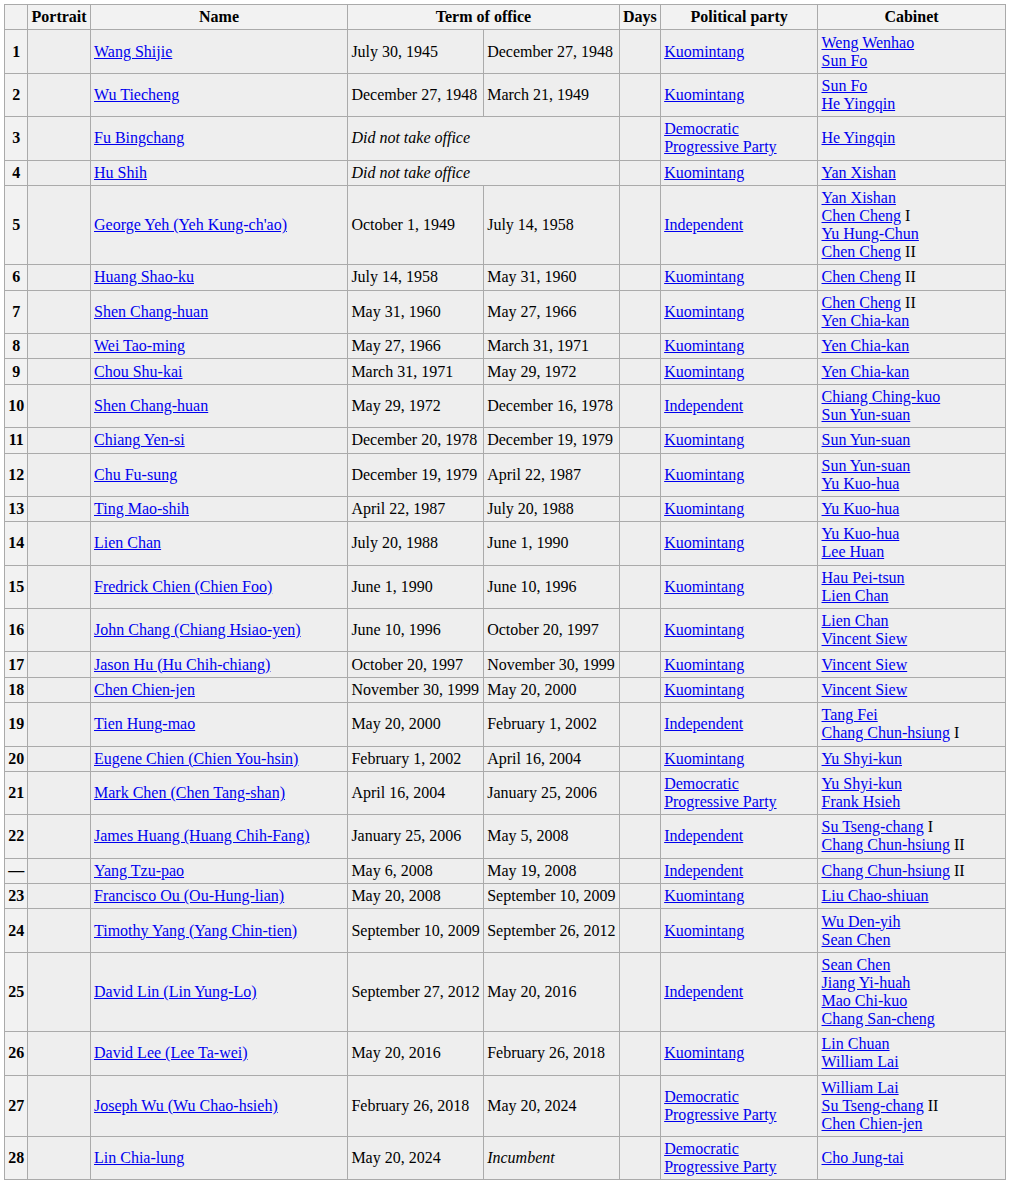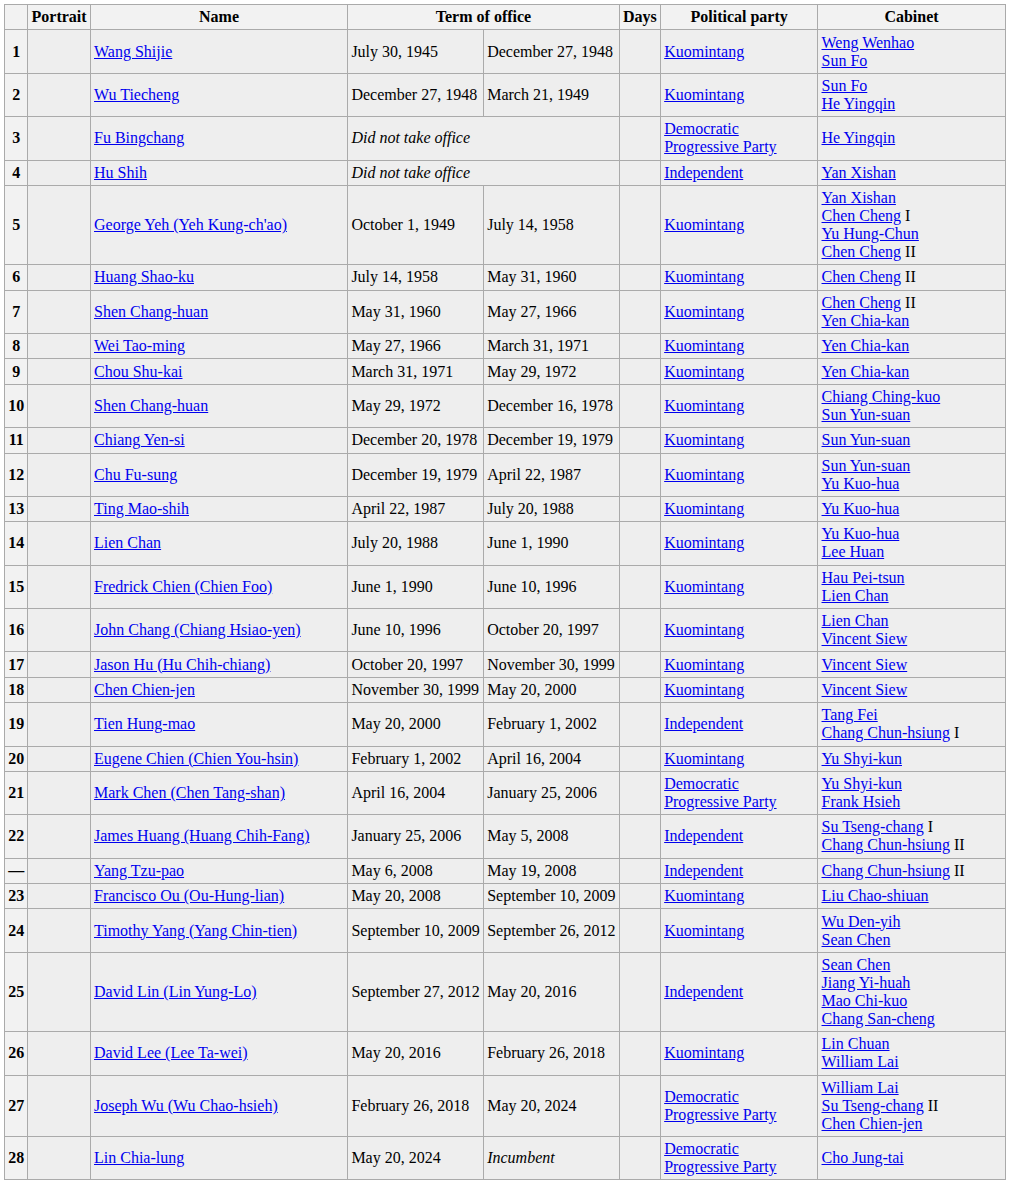 <table class="wikitable">
 <tr ->
 <th></th>
 <th>Portrait</th>
 <th width="250">Name</th>
 <th colspan=2 width="220">Term of office</th>
 <th>Days</th>
 <th width="150">Political party</th>
 <th width="180">Cabinet</th>
 </tr>
 <tr ->
 </tr>
 <tr - bgcolor=#EEEEEE>
 <th style="background:">1</th>
 <td></td>
 <td><a href='#'>Wang Shijie</a></td>
 <td>July 30, 1945</td>
 <td>December 27, 1948</td>
 <td></td>
 <td><a href='#'>Kuomintang</a></td>
 <td><a href='#'>Weng Wenhao</a><br><a href='#'>Sun Fo</a></td>
 </tr>
 <tr ->
 </tr>
 <tr - bgcolor=#EEEEEE>
 <th style="background:">2</th>
 <td></td>
 <td><a href='#'>Wu Tiecheng</a></td>
 <td>December 27, 1948</td>
 <td>March 21, 1949</td>
 <td></td>
 <td><a href='#'>Kuomintang</a></td>
 <td><a href='#'>Sun Fo</a><br><a href='#'>He Yingqin</a></td>
 </tr>
 <tr ->
 </tr>
 <tr - bgcolor=#EEEEEE>
 <th style="background:">3</th>
 <td></td>
 <td><a href='#'>Fu Bingchang</a></td>
 <td colspan=2><em>Did not take office</em></td>
 <td></td>
 <td><a href='#'>Democratic Progressive Party</a></td>
 <td><a href='#'>He Yingqin</a></td>
 </tr>
 <tr ->
 </tr>
 <tr - bgcolor=#EEEEEE>
 <th style="background:">4</th>
 <td></td>
 <td><a href='#'>Hu Shih</a></td>
 <td colspan=2><em>Did not take office</em></td>
 <td></td>
-<td><a href='#'>Kuomintang</a></td>
+<td><a href='#'>Independent</a></td>
 <td><a href='#'>Yan Xishan</a></td>
 </tr>
 <tr ->
 </tr>
 <tr - bgcolor=#EEEEEE>
 <th style="background:">5</th>
 <td></td>
 <td><a href='#'>George Yeh (Yeh Kung-ch'ao)</a></td>
 <td>October 1, 1949</td>
 <td>July 14, 1958</td>
 <td></td>
-<td><a href='#'>Independent</a></td>
+<td><a href='#'>Kuomintang</a></td>
 <td><a href='#'>Yan Xishan</a><br><a href='#'>Chen Cheng</a> I<br><a href='#'>Yu Hung-Chun</a><br><a href='#'>Chen Cheng</a> II</td>
 </tr>
 <tr ->
 </tr>
 <tr - bgcolor=#EEEEEE>
 <th style="background:">6</th>
 <td></td>
 <td><a href='#'>Huang Shao-ku</a></td>
 <td>July 14, 1958</td>
 <td>May 31, 1960</td>
 <td></td>
 <td><a href='#'>Kuomintang</a></td>
 <td><a href='#'>Chen Cheng</a> II</td>
 </tr>
 <tr ->
 </tr>
 <tr - bgcolor=#EEEEEE>
 <th style="background:">7</th>
 <td></td>
 <td><a href='#'>Shen Chang-huan</a></td>
 <td>May 31, 1960</td>
 <td>May 27, 1966</td>
 <td></td>
 <td><a href='#'>Kuomintang</a></td>
 <td><a href='#'>Chen Cheng</a> II<br><a href='#'>Yen Chia-kan</a></td>
 </tr>
 <tr ->
 </tr>
 <tr - bgcolor=#EEEEEE>
 <th style="background:">8</th>
 <td></td>
 <td><a href='#'>Wei Tao-ming</a></td>
 <td>May 27, 1966</td>
 <td>March 31, 1971</td>
 <td></td>
 <td><a href='#'>Kuomintang</a></td>
 <td><a href='#'>Yen Chia-kan</a></td>
 </tr>
 <tr ->
 </tr>
 <tr - bgcolor=#EEEEEE>
 <th style="background:">9</th>
 <td></td>
 <td><a href='#'>Chou Shu-kai</a></td>
 <td>March 31, 1971</td>
 <td>May 29, 1972</td>
 <td></td>
 <td><a href='#'>Kuomintang</a></td>
 <td><a href='#'>Yen Chia-kan</a></td>
 </tr>
 <tr ->
 </tr>
 <tr - bgcolor=#EEEEEE>
 <th style="background:">10</th>
 <td></td>
 <td><a href='#'>Shen Chang-huan</a></td>
 <td>May 29, 1972</td>
 <td>December 16, 1978</td>
 <td></td>
-<td><a href='#'>Independent</a></td>
+<td><a href='#'>Kuomintang</a></td>
 <td><a href='#'>Chiang Ching-kuo</a><br><a href='#'>Sun Yun-suan</a></td>
 </tr>
 <tr ->
 </tr>
 <tr - bgcolor=#EEEEEE>
 <th style="background:">11</th>
 <td></td>
 <td><a href='#'>Chiang Yen-si</a></td>
 <td>December 20, 1978</td>
 <td>December 19, 1979</td>
 <td></td>
 <td><a href='#'>Kuomintang</a></td>
 <td><a href='#'>Sun Yun-suan</a></td>
 </tr>
 <tr ->
 </tr>
 <tr - bgcolor=#EEEEEE>
 <th style="background:">12</th>
 <td></td>
 <td><a href='#'>Chu Fu-sung</a></td>
 <td>December 19, 1979</td>
 <td>April 22, 1987</td>
 <td></td>
 <td><a href='#'>Kuomintang</a></td>
 <td><a href='#'>Sun Yun-suan</a><br><a href='#'>Yu Kuo-hua</a></td>
 </tr>
 <tr ->
 </tr>
 <tr - bgcolor=#EEEEEE>
 <th style="background:">13</th>
 <td></td>
 <td><a href='#'>Ting Mao-shih</a></td>
 <td>April 22, 1987</td>
 <td>July 20, 1988</td>
 <td></td>
 <td><a href='#'>Kuomintang</a></td>
 <td><a href='#'>Yu Kuo-hua</a></td>
 </tr>
 <tr ->
 </tr>
 <tr - bgcolor=#EEEEEE>
 <th style="background:">14</th>
 <td></td>
 <td><a href='#'>Lien Chan</a></td>
 <td>July 20, 1988</td>
 <td>June 1, 1990</td>
 <td></td>
 <td><a href='#'>Kuomintang</a></td>
 <td><a href='#'>Yu Kuo-hua</a><br><a href='#'>Lee Huan</a></td>
 </tr>
 <tr ->
 </tr>
 <tr - bgcolor=#EEEEEE>
 <th style="background:">15</th>
 <td></td>
 <td><a href='#'>Fredrick Chien (Chien Foo)</a></td>
 <td>June 1, 1990</td>
 <td>June 10, 1996</td>
 <td></td>
 <td><a href='#'>Kuomintang</a></td>
 <td><a href='#'>Hau Pei-tsun</a><br><a href='#'>Lien Chan</a></td>
 </tr>
 <tr ->
 </tr>
 <tr - bgcolor=#EEEEEE>
 <th style="background:">16</th>
 <td></td>
 <td><a href='#'>John Chang (Chiang Hsiao-yen)</a></td>
 <td>June 10, 1996</td>
 <td>October 20, 1997</td>
 <td></td>
 <td><a href='#'>Kuomintang</a></td>
 <td><a href='#'>Lien Chan</a><br><a href='#'>Vincent Siew</a></td>
 </tr>
 <tr ->
 </tr>
 <tr - bgcolor=#EEEEEE>
 <th style="background:">17</th>
 <td></td>
 <td><a href='#'>Jason Hu (Hu Chih-chiang)</a></td>
 <td>October 20, 1997</td>
 <td>November 30, 1999</td>
 <td></td>
 <td><a href='#'>Kuomintang</a></td>
 <td><a href='#'>Vincent Siew</a></td>
 </tr>
 <tr ->
 </tr>
 <tr - bgcolor=#EEEEEE>
 <th style="background:">18</th>
 <td></td>
 <td><a href='#'>Chen Chien-jen</a></td>
 <td>November 30, 1999</td>
 <td>May 20, 2000</td>
 <td></td>
 <td><a href='#'>Kuomintang</a></td>
 <td><a href='#'>Vincent Siew</a></td>
 </tr>
 <tr ->
 </tr>
 <tr - bgcolor=#EEEEEE>
 <th style="background:">19</th>
 <td></td>
 <td><a href='#'>Tien Hung-mao</a></td>
 <td>May 20, 2000</td>
 <td>February 1, 2002</td>
 <td></td>
 <td><a href='#'>Independent</a></td>
 <td><a href='#'>Tang Fei</a><br><a href='#'>Chang Chun-hsiung</a> I</td>
 </tr>
 <tr ->
 </tr>
 <tr - bgcolor=#EEEEEE>
 <th style="background:">20</th>
 <td></td>
 <td><a href='#'>Eugene Chien (Chien You-hsin)</a></td>
 <td>February 1, 2002</td>
 <td>April 16, 2004</td>
 <td></td>
 <td><a href='#'>Kuomintang</a></td>
 <td><a href='#'>Yu Shyi-kun</a></td>
 </tr>
 <tr ->
 </tr>
 <tr - bgcolor=#EEEEEE>
 <th style="background:">21</th>
 <td></td>
 <td><a href='#'>Mark Chen (Chen Tang-shan)</a></td>
 <td>April 16, 2004</td>
 <td>January 25, 2006</td>
 <td></td>
 <td><a href='#'>Democratic Progressive Party</a></td>
 <td><a href='#'>Yu Shyi-kun</a><br><a href='#'>Frank Hsieh</a></td>
 </tr>
 <tr ->
 </tr>
 <tr - bgcolor=#EEEEEE>
 <th style="background:">22</th>
 <td></td>
 <td><a href='#'>James Huang (Huang Chih-Fang)</a></td>
 <td>January 25, 2006</td>
 <td>May 5, 2008</td>
 <td></td>
 <td><a href='#'>Independent</a></td>
 <td><a href='#'>Su Tseng-chang</a> I<br><a href='#'>Chang Chun-hsiung</a> II</td>
 </tr>
 <tr ->
 </tr>
 <tr - bgcolor=#EEEEEE>
 <th style="background:">—</th>
 <td></td>
 <td><a href='#'>Yang Tzu-pao</a></td>
 <td>May 6, 2008</td>
 <td>May 19, 2008</td>
 <td></td>
 <td><a href='#'>Independent</a></td>
 <td><a href='#'>Chang Chun-hsiung</a> II</td>
 </tr>
 <tr ->
 </tr>
 <tr - bgcolor=#EEEEEE>
 <th style="background:">23</th>
 <td></td>
 <td><a href='#'>Francisco Ou (Ou-Hung-lian)</a></td>
 <td>May 20, 2008</td>
 <td>September 10, 2009</td>
 <td></td>
 <td><a href='#'>Kuomintang</a></td>
 <td><a href='#'>Liu Chao-shiuan</a></td>
 </tr>
 <tr ->
 </tr>
 <tr - bgcolor=#EEEEEE>
 <th style="background:">24</th>
 <td></td>
 <td><a href='#'>Timothy Yang (Yang Chin-tien)</a></td>
 <td>September 10, 2009</td>
 <td>September 26, 2012</td>
 <td></td>
 <td><a href='#'>Kuomintang</a></td>
 <td><a href='#'>Wu Den-yih</a><br><a href='#'>Sean Chen</a></td>
 </tr>
 <tr ->
 </tr>
 <tr - bgcolor=#EEEEEE>
 <th style="background:">25</th>
 <td></td>
 <td><a href='#'>David Lin (Lin Yung-Lo)</a></td>
 <td>September 27, 2012</td>
 <td>May 20, 2016</td>
 <td></td>
 <td><a href='#'>Independent</a></td>
 <td><a href='#'>Sean Chen</a><br><a href='#'>Jiang Yi-huah</a><br><a href='#'>Mao Chi-kuo</a><br><a href='#'>Chang San-cheng</a></td>
 </tr>
 <tr ->
 </tr>
 <tr - bgcolor=#EEEEEE>
 <th style="background:">26</th>
 <td></td>
 <td><a href='#'>David Lee (Lee Ta-wei)</a></td>
 <td>May 20, 2016</td>
 <td>February 26, 2018</td>
 <td></td>
 <td><a href='#'>Kuomintang</a></td>
 <td><a href='#'>Lin Chuan</a><br><a href='#'>William Lai</a></td>
 </tr>
 <tr ->
 </tr>
 <tr - bgcolor=#EEEEEE>
 <th style="background:">27</th>
 <td></td>
 <td><a href='#'>Joseph Wu (Wu Chao-hsieh)</a></td>
 <td>February 26, 2018</td>
 <td>May 20, 2024</td>
 <td></td>
 <td><a href='#'>Democratic Progressive Party</a></td>
 <td><a href='#'>William Lai</a><br><a href='#'>Su Tseng-chang</a> II<br><a href='#'>Chen Chien-jen</a></td>
 </tr>
 <tr ->
 </tr>
 <tr - bgcolor=#EEEEEE>
 <th style="background:">28</th>
 <td></td>
 <td><a href='#'>Lin Chia-lung</a></td>
 <td>May 20, 2024</td>
 <td><em>Incumbent</em></td>
 <td></td>
 <td><a href='#'>Democratic Progressive Party</a></td>
 <td><a href='#'>Cho Jung-tai</a></td>
 </tr>
 <tr ->
 </tr>
 </table>
